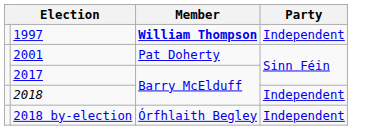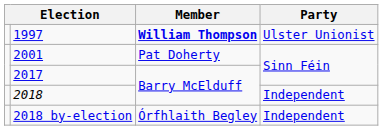 <table class="wikitable">
 <tr>
 <th colspan="2">Election</th>
 <th>Member</th>
 <th>Party</th>
 </tr>
 <tr>
 <td style="color:inherit;background-color: "></td>
 <td><a href='#'>1997</a></td>
 <td><strong><a href='#'>William Thompson</a></strong></td>
-<td><a href='#'>Independent</a></td>
+<td><a href='#'>Ulster Unionist</a></td>
 </tr>
 <tr>
 <td rowspan=2 style="color:inherit;background-color: "></td>
 <td><a href='#'>2001</a></td>
 <td><a href='#'>Pat Doherty</a></td>
 <td rowspan=2><a href='#'>Sinn Féin</a></td>
 </tr>
 <tr>
 <td><a href='#'>2017</a></td>
 <td rowspan=2><a href='#'>Barry McElduff</a></td>
 </tr>
 <tr>
 <td style="color:inherit;background-color: "></td>
 <td><em>2018</em></td>
 <td><a href='#'>Independent</a></td>
 </tr>
 <tr>
 <td style="color:inherit;background-color: "></td>
 <td><a href='#'>2018 by-election</a></td>
 <td><a href='#'>Órfhlaith Begley</a></td>
 <td><a href='#'>Independent</a></td>
 </tr>
 </table>
